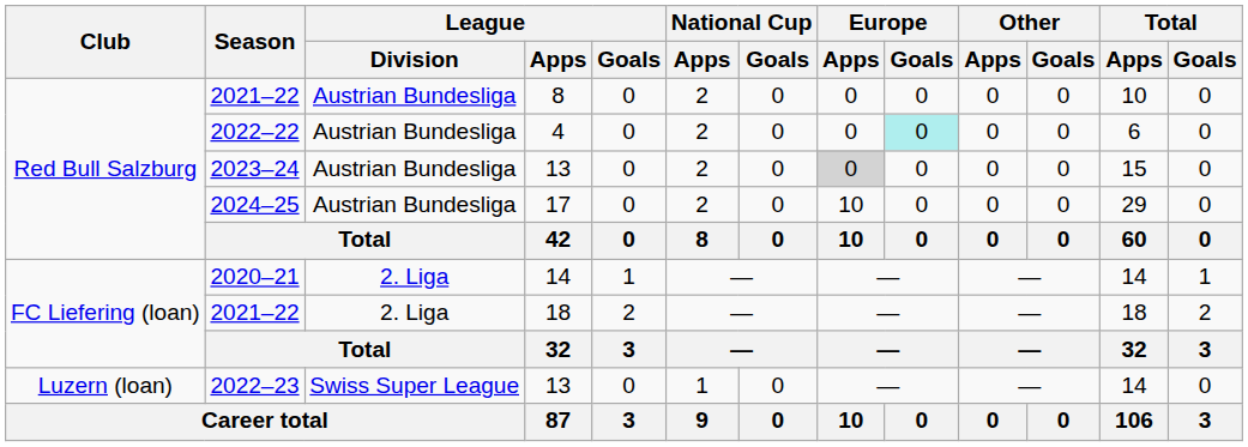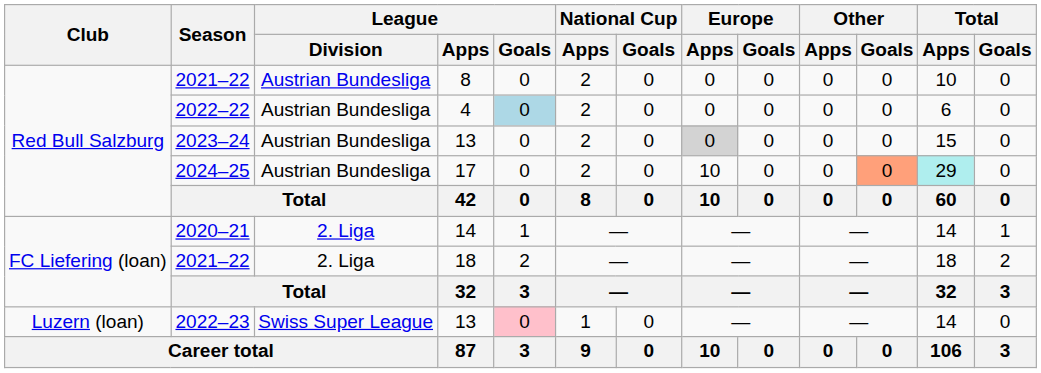 <table class="wikitable" Style="text-align: center">
 <tr>
 <th rowspan="2">Club</th>
 <th rowspan="2">Season</th>
 <th colspan="3">League</th>
 <th colspan="2">National Cup</th>
 <th colspan="2">Europe</th>
 <th colspan="2">Other</th>
 <th colspan="2">Total</th>
 </tr>
 <tr>
 <th>Division</th>
 <th>Apps</th>
 <th>Goals</th>
 <th>Apps</th>
 <th>Goals</th>
 <th>Apps</th>
 <th>Goals</th>
 <th>Apps</th>
 <th>Goals</th>
 <th>Apps</th>
 <th>Goals</th>
 </tr>
 <tr>
 <td rowspan="5"><a href='#'>Red Bull Salzburg</a></td>
 <td><a href='#'>2021–22</a></td>
 <td><a href='#'>Austrian Bundesliga</a></td>
 <td>8</td>
 <td>0</td>
 <td>2</td>
 <td>0</td>
 <td>0</td>
 <td>0</td>
 <td>0</td>
 <td>0</td>
 <td>10</td>
 <td>0</td>
 </tr>
 <tr>
 <td><a href='#'>2022–22</a></td>
 <td>Austrian Bundesliga</td>
 <td>4</td>
-<td>0</td>
+<td style="background: lightblue;">0</td>
 <td>2</td>
 <td>0</td>
 <td>0</td>
-<td style="background: paleturquoise;">0</td>
+<td>0</td>
 <td>0</td>
 <td>0</td>
 <td>6</td>
 <td>0</td>
 </tr>
 <tr>
 <td><a href='#'>2023–24</a></td>
 <td>Austrian Bundesliga</td>
 <td>13</td>
 <td>0</td>
 <td>2</td>
 <td>0</td>
 <td style="background: lightgrey;">0</td>
 <td>0</td>
 <td>0</td>
 <td>0</td>
 <td>15</td>
 <td>0</td>
 </tr>
 <tr>
 <td><a href='#'>2024–25</a></td>
 <td>Austrian Bundesliga</td>
 <td>17</td>
 <td>0</td>
 <td>2</td>
 <td>0</td>
 <td>10</td>
 <td>0</td>
 <td>0</td>
-<td>0</td>
-<td>29</td>
+<td style="background: lightsalmon;">0</td>
+<td style="background: paleturquoise;">29</td>
 <td>0</td>
 </tr>
 <tr>
 <th colspan="2">Total</th>
 <th>42</th>
 <th>0</th>
 <th>8</th>
 <th>0</th>
 <th>10</th>
 <th>0</th>
 <th>0</th>
 <th>0</th>
 <th>60</th>
 <th>0</th>
 </tr>
 <tr>
 <td rowspan="3"><a href='#'>FC Liefering</a> (loan)</td>
 <td><a href='#'>2020–21</a></td>
 <td><a href='#'>2. Liga</a></td>
 <td>14</td>
 <td>1</td>
 <td colspan="2">—</td>
 <td colspan="2">—</td>
 <td colspan="2">—</td>
 <td>14</td>
 <td>1</td>
 </tr>
 <tr>
 <td><a href='#'>2021–22</a></td>
 <td>2. Liga</td>
 <td>18</td>
 <td>2</td>
 <td colspan="2">—</td>
 <td colspan="2">—</td>
 <td colspan="2">—</td>
 <td>18</td>
 <td>2</td>
 </tr>
 <tr>
 <th colspan="2">Total</th>
 <th>32</th>
 <th>3</th>
 <th colspan="2">—</th>
 <th colspan="2">—</th>
 <th colspan="2">—</th>
 <th>32</th>
 <th>3</th>
 </tr>
 <tr>
 <td><a href='#'>Luzern</a> (loan)</td>
 <td><a href='#'>2022–23</a></td>
 <td><a href='#'>Swiss Super League</a></td>
 <td>13</td>
-<td>0</td>
+<td style="background: pink;">0</td>
 <td>1</td>
 <td>0</td>
 <td colspan="2">—</td>
 <td colspan="2">—</td>
 <td>14</td>
 <td>0</td>
 </tr>
 <tr>
 <th colspan="3">Career total</th>
 <th>87</th>
 <th>3</th>
 <th>9</th>
 <th>0</th>
 <th>10</th>
 <th>0</th>
 <th>0</th>
 <th>0</th>
 <th>106</th>
 <th>3</th>
 </tr>
 </table>
